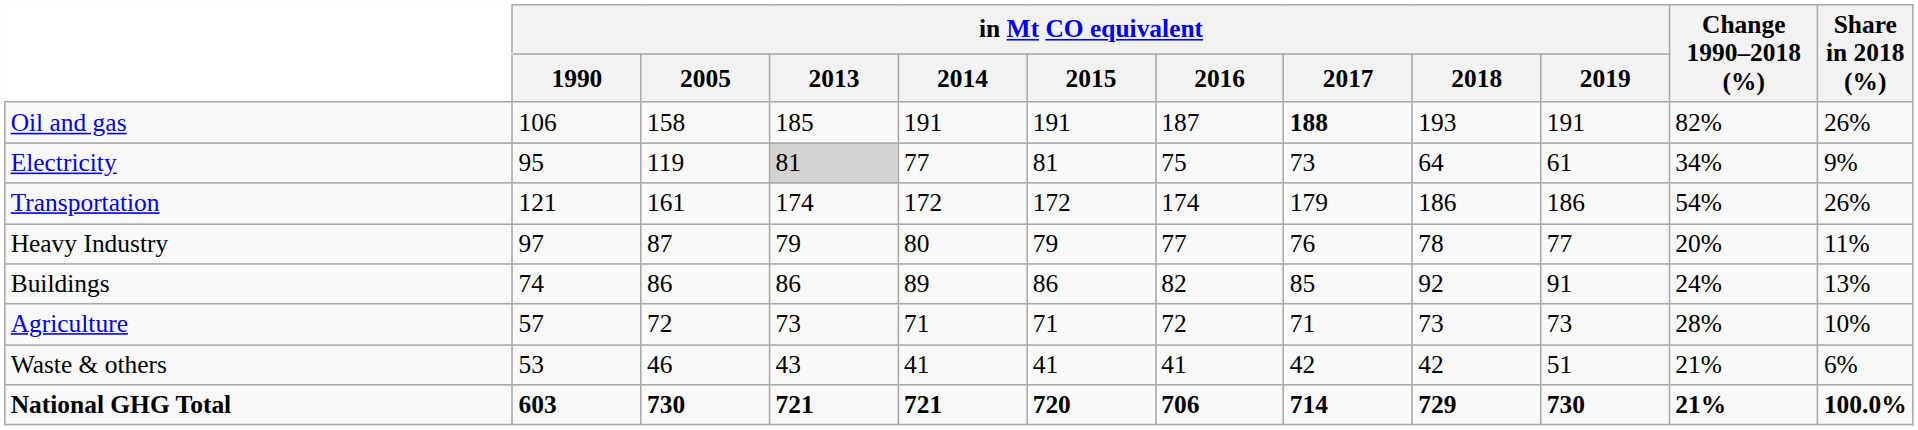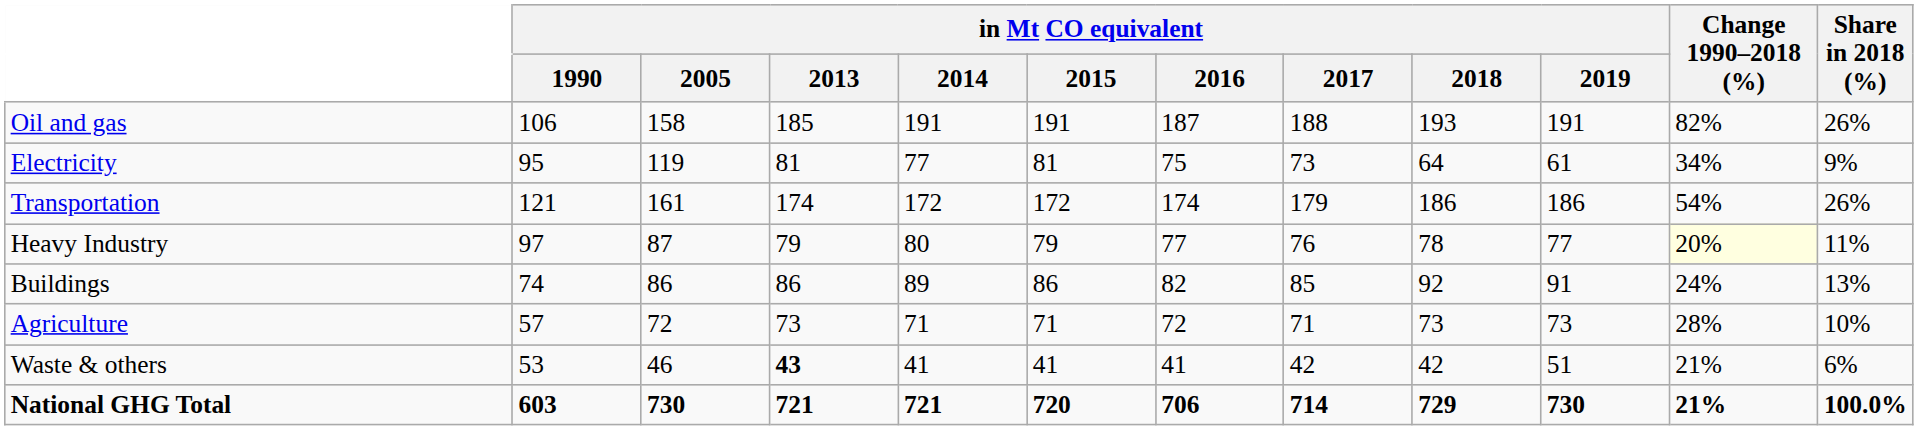 <table class="wikitable centre" style="text-align:left; width:95%;">
 <tr>
 <th scope="col" width="28%" style="background:white; border-top-color:white; border-left-color:white; border-bottom-color:white;"></th>
 <th colspan="9" scope="col" width="56%">in <a href='#'>Mt</a> <a href='#'>CO equivalent</a></th>
 <th rowspan="2" scope="col" width="8%">Change 1990–2018 (%)</th>
 <th rowspan="2" scope="col" width="8%">Share in 2018 (%)</th>
 </tr>
 <tr>
 <th scope="col" width="28%" style="background:white; border-top-color:white; border-left-color:white;"></th>
 <th scope="col" width="7%">1990</th>
 <th scope="col" width="7%">2005</th>
 <th scope="col" width="7%">2013</th>
 <th scope="col" width="7%">2014</th>
 <th scope="col" width="7%">2015</th>
 <th scope="col" width="7%">2016</th>
 <th scope="col" width="7%">2017</th>
 <th scope="col" width="7%">2018</th>
 <th scope="col" width="7%">2019</th>
 </tr>
 <tr>
 <td scope="row" align="left"><a href='#'>Oil and gas</a></td>
 <td>106</td>
 <td>158</td>
 <td>185</td>
 <td>191</td>
 <td>191</td>
 <td>187</td>
-<td><strong>188</strong></td>
+<td>188</td>
 <td>193</td>
 <td>191</td>
 <td><strong></strong> 82%</td>
 <td>26%</td>
 </tr>
 <tr>
 <td><a href='#'>Electricity</a></td>
 <td>95</td>
 <td>119</td>
-<td style="background: lightgrey;">81</td>
+<td>81</td>
 <td>77</td>
 <td>81</td>
 <td>75</td>
 <td>73</td>
 <td>64</td>
 <td>61</td>
 <td> 34%</td>
 <td>9%</td>
 </tr>
 <tr>
 <td scope="row" align="left"><a href='#'>Transportation</a></td>
 <td>121</td>
 <td>161</td>
 <td>174</td>
 <td>172</td>
 <td>172</td>
 <td>174</td>
 <td>179</td>
 <td>186</td>
 <td>186</td>
 <td><strong></strong> 54%</td>
 <td>26%</td>
 </tr>
 <tr>
 <td>Heavy Industry</td>
 <td>97</td>
 <td>87</td>
 <td>79</td>
 <td>80</td>
 <td>79</td>
 <td>77</td>
 <td>76</td>
 <td>78</td>
 <td>77</td>
-<td> 20%</td>
+<td style="background: lightyellow;"> 20%</td>
 <td>11%</td>
 </tr>
 <tr>
 <td>Buildings</td>
 <td>74</td>
 <td>86</td>
 <td>86</td>
 <td>89</td>
 <td>86</td>
 <td>82</td>
 <td>85</td>
 <td>92</td>
 <td>91</td>
 <td><strong></strong> 24%</td>
 <td>13%</td>
 </tr>
 <tr>
 <td><a href='#'>Agriculture</a></td>
 <td>57</td>
 <td>72</td>
 <td>73</td>
 <td>71</td>
 <td>71</td>
 <td>72</td>
 <td>71</td>
 <td>73</td>
 <td>73</td>
 <td><strong></strong> 28%</td>
 <td>10%</td>
 </tr>
 <tr>
 <td scope="row" align="left">Waste & others</td>
 <td>53</td>
 <td>46</td>
-<td>43</td>
+<td><strong>43</strong></td>
 <td>41</td>
 <td>41</td>
 <td>41</td>
 <td>42</td>
 <td>42</td>
 <td>51</td>
 <td> 21%</td>
 <td>6%</td>
 </tr>
 <tr>
 <td><strong>National GHG Total</strong></td>
 <td><strong>603</strong></td>
 <td><strong>730</strong></td>
 <td><strong>721</strong></td>
 <td><strong>721</strong></td>
 <td><strong>720</strong></td>
 <td><strong>706</strong></td>
 <td><strong>714</strong></td>
 <td><strong>729</strong></td>
 <td><strong>730</strong></td>
 <td><strong> 21%</strong></td>
 <td><strong>100.0%</strong></td>
 </tr>
 </table>
